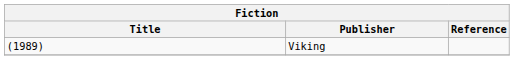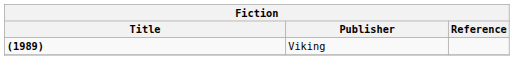 <table class="wikitable">
 <tr>
 <th colspan="3">Fiction</th>
 </tr>
 <tr>
 <th scope=col style="width: 350px;">Title</th>
 <th scope=col style="width: 200px;">Publisher</th>
 <th>Reference</th>
 </tr>
 <tr>
-<td><em></em> (1989)</td>
+<td><strong><em></em> (1989)</strong></td>
 <td>Viking</td>
 <td></td>
 </tr>
 <tr>
 </tr>
 </table>
